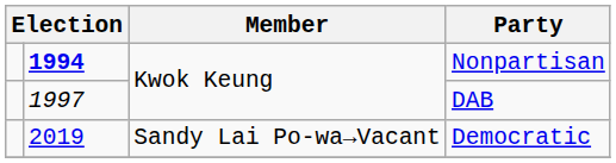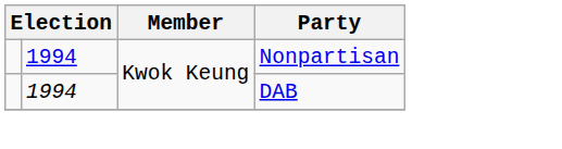 <table class="wikitable">
 <tr>
 <th colspan="2">Election</th>
 <th>Member</th>
 <th>Party</th>
 </tr>
 <tr>
 <td style="color:inherit;background:"></td>
-<td><strong><a href='#'>1994</a></strong></td>
+<td><a href='#'>1994</a></td>
 <td rowspan=2>Kwok Keung</td>
 <td><a href='#'>Nonpartisan</a></td>
 </tr>
 <tr>
 <td style="color:inherit;background:"></td>
-<td><em>1997</em></td>
+<td><em>1994</em></td>
 <td><a href='#'>DAB</a></td>
-</tr>
-<tr>
-<td style="color:inherit;background:"></td>
-<td><a href='#'>2019</a></td>
-<td>Sandy Lai Po-wa→Vacant</td>
-<td><a href='#'>Democratic</a></td>
 </tr>
 <tr>
 </tr>
 </table>
